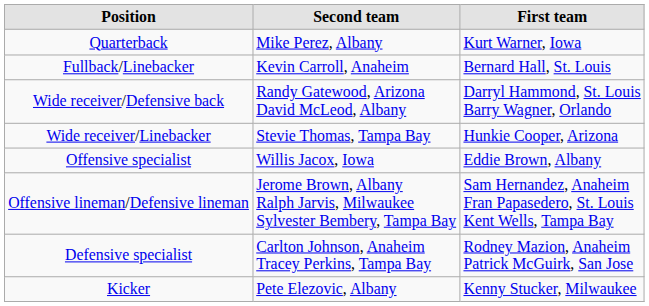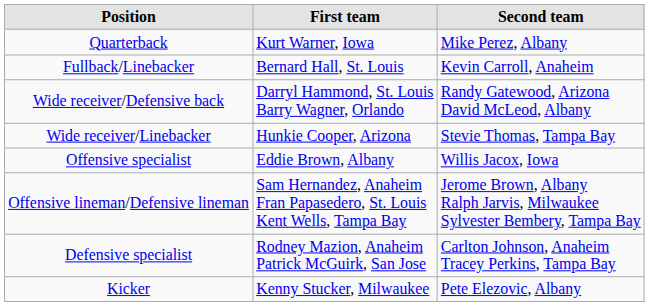 <table class="wikitable">
 <tr>
 <th style="background:#e3e3e3;">Position</th>
+<th style="background:#e3e3e3;">First team</th>
 <th style="background:#e3e3e3;">Second team</th>
-<th style="background:#e3e3e3;">First team</th>
 </tr>
 <tr>
 <td align=center><a href='#'>Quarterback</a></td>
+<td><a href='#'>Kurt Warner</a>, <a href='#'>Iowa</a></td>
 <td><a href='#'>Mike Perez</a>, <a href='#'>Albany</a></td>
-<td><a href='#'>Kurt Warner</a>, <a href='#'>Iowa</a></td>
 </tr>
 <tr>
 <td align=center><a href='#'>Fullback</a>/<a href='#'>Linebacker</a></td>
+<td><a href='#'>Bernard Hall</a>, <a href='#'>St. Louis</a></td>
 <td><a href='#'>Kevin Carroll</a>, <a href='#'>Anaheim</a></td>
-<td><a href='#'>Bernard Hall</a>, <a href='#'>St. Louis</a></td>
 </tr>
 <tr>
 <td align=center><a href='#'>Wide receiver</a>/<a href='#'>Defensive back</a></td>
+<td><a href='#'>Darryl Hammond</a>, <a href='#'>St. Louis</a><br><a href='#'>Barry Wagner</a>, <a href='#'>Orlando</a></td>
 <td><a href='#'>Randy Gatewood</a>, <a href='#'>Arizona</a><br><a href='#'>David McLeod</a>, <a href='#'>Albany</a></td>
-<td><a href='#'>Darryl Hammond</a>, <a href='#'>St. Louis</a><br><a href='#'>Barry Wagner</a>, <a href='#'>Orlando</a></td>
 </tr>
 <tr>
 <td align=center><a href='#'>Wide receiver</a>/<a href='#'>Linebacker</a></td>
+<td><a href='#'>Hunkie Cooper</a>, <a href='#'>Arizona</a></td>
 <td><a href='#'>Stevie Thomas</a>, <a href='#'>Tampa Bay</a></td>
-<td><a href='#'>Hunkie Cooper</a>, <a href='#'>Arizona</a></td>
 </tr>
 <tr>
 <td align=center><a href='#'>Offensive specialist</a></td>
+<td><a href='#'>Eddie Brown</a>, <a href='#'>Albany</a></td>
 <td><a href='#'>Willis Jacox</a>, <a href='#'>Iowa</a></td>
-<td><a href='#'>Eddie Brown</a>, <a href='#'>Albany</a></td>
 </tr>
 <tr>
 <td align=center><a href='#'>Offensive lineman</a>/<a href='#'>Defensive lineman</a></td>
+<td><a href='#'>Sam Hernandez</a>, <a href='#'>Anaheim</a><br><a href='#'>Fran Papasedero</a>, <a href='#'>St. Louis</a><br><a href='#'>Kent Wells</a>, <a href='#'>Tampa Bay</a></td>
 <td><a href='#'>Jerome Brown</a>, <a href='#'>Albany</a><br><a href='#'>Ralph Jarvis</a>, <a href='#'>Milwaukee</a><br><a href='#'>Sylvester Bembery</a>, <a href='#'>Tampa Bay</a></td>
-<td><a href='#'>Sam Hernandez</a>, <a href='#'>Anaheim</a><br><a href='#'>Fran Papasedero</a>, <a href='#'>St. Louis</a><br><a href='#'>Kent Wells</a>, <a href='#'>Tampa Bay</a></td>
 </tr>
 <tr>
 <td align=center><a href='#'>Defensive specialist</a></td>
+<td><a href='#'>Rodney Mazion</a>, <a href='#'>Anaheim</a><br><a href='#'>Patrick McGuirk</a>, <a href='#'>San Jose</a></td>
 <td><a href='#'>Carlton Johnson</a>, <a href='#'>Anaheim</a><br><a href='#'>Tracey Perkins</a>, <a href='#'>Tampa Bay</a></td>
-<td><a href='#'>Rodney Mazion</a>, <a href='#'>Anaheim</a><br><a href='#'>Patrick McGuirk</a>, <a href='#'>San Jose</a></td>
 </tr>
 <tr>
 <td align=center><a href='#'>Kicker</a></td>
+<td><a href='#'>Kenny Stucker</a>, <a href='#'>Milwaukee</a></td>
 <td><a href='#'>Pete Elezovic</a>, <a href='#'>Albany</a></td>
-<td><a href='#'>Kenny Stucker</a>, <a href='#'>Milwaukee</a></td>
 </tr>
 </table>
